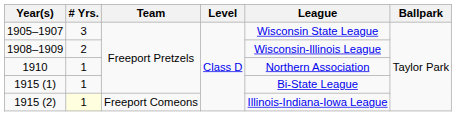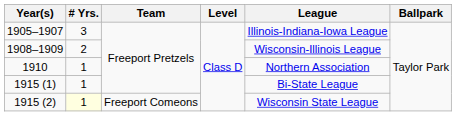 <table class="wikitable" style="text-align:center; font-size: 95%;">
 <tr>
 <th>Year(s)</th>
 <th># Yrs.</th>
 <th>Team</th>
 <th>Level</th>
 <th>League</th>
 <th>Ballpark</th>
 </tr>
 <tr>
 <td>1905–1907</td>
 <td>3</td>
 <td rowspan=4>Freeport Pretzels</td>
 <td rowspan=5><a href='#'>Class D</a></td>
-<td><a href='#'>Wisconsin State League</a></td>
+<td><a href='#'>Illinois-Indiana-Iowa League</a></td>
 <td rowspan=5>Taylor Park</td>
 </tr>
 <tr>
 <td>1908–1909</td>
 <td>2</td>
 <td><a href='#'>Wisconsin-Illinois League</a></td>
 </tr>
 <tr>
 <td>1910</td>
 <td>1</td>
 <td><a href='#'>Northern Association</a></td>
 </tr>
 <tr>
 <td>1915 (1)</td>
 <td>1</td>
 <td><a href='#'>Bi-State League</a></td>
 </tr>
 <tr>
 <td>1915 (2)</td>
 <td style="background: lightyellow;">1</td>
 <td>Freeport Comeons</td>
-<td><a href='#'>Illinois-Indiana-Iowa League</a></td>
+<td><a href='#'>Wisconsin State League</a></td>
 </tr>
 </table>
